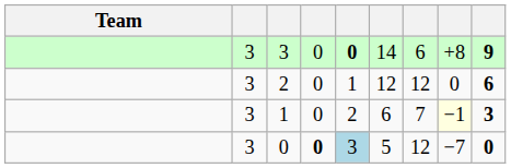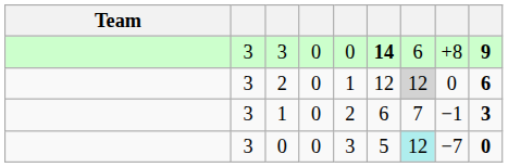 <table class="wikitable" style="text-align: center;">
 <tr>
 <th style="width:175px;">Team</th>
 <th width="20"></th>
 <th width="20"></th>
 <th width="20"></th>
 <th width="20"></th>
 <th width="20"></th>
 <th width="20"></th>
 <th width="20"></th>
 <th width="20"></th>
 </tr>
 <tr style="background:#cfc;">
 <td align=left></td>
 <td>3</td>
 <td>3</td>
 <td>0</td>
-<td><strong>0</strong></td>
-<td>14</td>
+<td>0</td>
+<td><strong>14</strong></td>
 <td>6</td>
 <td>+8</td>
 <td><strong>9</strong></td>
 </tr>
 <tr>
 <td align=left></td>
 <td>3</td>
 <td>2</td>
 <td>0</td>
 <td>1</td>
 <td>12</td>
-<td>12</td>
+<td style="background: lightgrey;">12</td>
 <td>0</td>
 <td><strong>6</strong></td>
 </tr>
 <tr>
 <td align=left></td>
 <td>3</td>
 <td>1</td>
 <td>0</td>
 <td>2</td>
 <td>6</td>
 <td>7</td>
-<td style="background: lightyellow;">−1</td>
+<td>−1</td>
 <td><strong>3</strong></td>
 </tr>
 <tr>
 <td align=left></td>
 <td>3</td>
 <td>0</td>
-<td><strong>0</strong></td>
-<td style="background: lightblue;">3</td>
+<td>0</td>
+<td>3</td>
 <td>5</td>
-<td>12</td>
+<td style="background: paleturquoise;">12</td>
 <td>−7</td>
 <td><strong>0</strong></td>
 </tr>
 </table>
